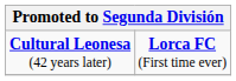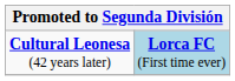 <table class="wikitable" style="text-align: center; margin: 0 auto;">
 <tr>
 <th colspan="2">Promoted to <a href='#'>Segunda División</a></th>
 </tr>
 <tr>
 <td><strong><a href='#'>Cultural Leonesa</a></strong><br><small>(42 years later)</small></td>
-<td><strong><a href='#'>Lorca FC</a></strong><br><small>(First time ever)</small></td>
+<td style="background: lightblue;"><strong><a href='#'>Lorca FC</a></strong><br><small>(First time ever)</small></td>
 </tr>
 <tr>
 </tr>
 </table>
